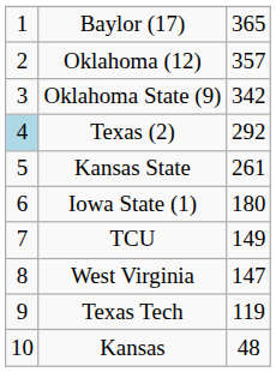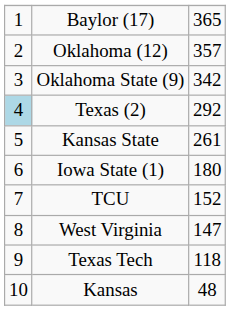 <table class="wikitable" style="display: inline-table;">
 <tr align="center">
 </tr>
 <tr align="center">
 <td>1</td>
 <td>Baylor (17)</td>
 <td>365</td>
 </tr>
 <tr align="center">
 <td>2</td>
 <td>Oklahoma (12)</td>
 <td>357</td>
 </tr>
 <tr align="center">
 <td>3</td>
 <td>Oklahoma State (9)</td>
 <td>342</td>
 </tr>
 <tr align="center">
 <td style="background: lightblue;">4</td>
 <td>Texas (2)</td>
 <td>292</td>
 </tr>
 <tr align="center">
 <td>5</td>
 <td>Kansas State</td>
 <td>261</td>
 </tr>
 <tr align="center">
 <td>6</td>
 <td>Iowa State (1)</td>
 <td>180</td>
 </tr>
 <tr align="center">
 <td>7</td>
 <td>TCU</td>
-<td>149</td>
+<td>152</td>
 </tr>
 <tr align="center">
 <td>8</td>
 <td>West Virginia</td>
 <td>147</td>
 </tr>
 <tr align="center">
 <td>9</td>
 <td>Texas Tech</td>
-<td>119</td>
+<td>118</td>
 </tr>
 <tr align="center">
 <td>10</td>
 <td>Kansas</td>
 <td>48</td>
 </tr>
 </table>
